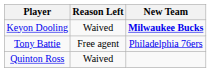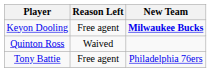 <table class="wikitable sortable sortable">
 <tr>
 <th>Player</th>
 <th>Reason Left</th>
 <th>New Team</th>
 </tr>
 <tr style="text-align: center">
 <td><a href='#'>Keyon Dooling</a></td>
+<td>Free agent</td>
+<td><strong><a href='#'>Milwaukee Bucks</a></strong></td>
+</tr>
+<tr style="text-align: center">
+<td><a href='#'>Quinton Ross</a></td>
 <td>Waived</td>
-<td><strong><a href='#'>Milwaukee Bucks</a></strong></td>
+<td></td>
 </tr>
 <tr style="text-align: center">
 <td><a href='#'>Tony Battie</a></td>
 <td>Free agent</td>
 <td><a href='#'>Philadelphia 76ers</a></td>
 </tr>
-<tr style="text-align: center">
-<td><a href='#'>Quinton Ross</a></td>
-<td>Waived</td>
-<td></td>
-</tr>
 </table>
